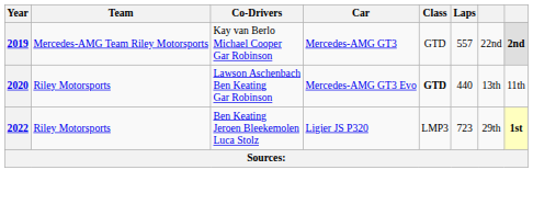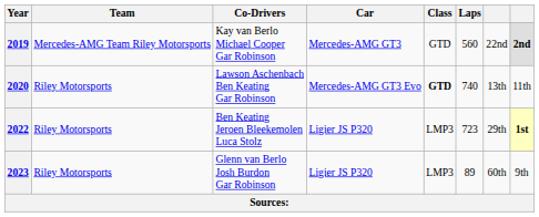 <table class="wikitable" style="text-align:center; font-size:90%">
 <tr>
 <th>Year</th>
 <th>Team</th>
 <th>Co-Drivers</th>
 <th>Car</th>
 <th>Class</th>
 <th>Laps</th>
 <th></th>
 <th></th>
 </tr>
 <tr>
 <th><a href='#'>2019</a></th>
 <td align="left"> <a href='#'>Mercedes-AMG Team Riley Motorsports</a></td>
 <td align="left"> Kay van Berlo<br> <a href='#'>Michael Cooper</a><br> <a href='#'>Gar Robinson</a></td>
 <td align="left"><a href='#'>Mercedes-AMG GT3</a></td>
 <td>GTD</td>
-<td>557</td>
+<td>560</td>
 <td>22nd</td>
 <td align="center" style="background:#DFDFDF;"><strong>2nd</strong></td>
 </tr>
 <tr>
 <th><a href='#'>2020</a></th>
 <td align="left"> <a href='#'>Riley Motorsports</a></td>
 <td align="left"> <a href='#'>Lawson Aschenbach</a><br> <a href='#'>Ben Keating</a><br> <a href='#'>Gar Robinson</a></td>
 <td align="left"><a href='#'>Mercedes-AMG GT3 Evo</a></td>
 <td><strong>GTD</strong></td>
-<td>440</td>
+<td>740</td>
 <td>13th</td>
 <td>11th</td>
 </tr>
 <tr>
 <th><a href='#'>2022</a></th>
 <td align="left"> <a href='#'>Riley Motorsports</a></td>
 <td align="left"> <a href='#'>Ben Keating</a><br> <a href='#'>Jeroen Bleekemolen</a><br> <a href='#'>Luca Stolz</a></td>
 <td align="left"><a href='#'>Ligier JS P320</a></td>
 <td>LMP3</td>
 <td>723</td>
 <td>29th</td>
 <td style="background:#FFFFBF;”"><strong>1st</strong></td>
 </tr>
 <tr>
+<th><a href='#'>2023</a></th>
+<td align="left"> <a href='#'>Riley Motorsports</a></td>
+<td align="left"> <a href='#'>Glenn van Berlo</a><br> <a href='#'>Josh Burdon</a><br> <a href='#'>Gar Robinson</a></td>
+<td align="left"><a href='#'>Ligier JS P320</a></td>
+<td>LMP3</td>
+<td>89</td>
+<td>60th</td>
+<td>9th</td>
+</tr>
+<tr>
 <th colspan="8">Sources:</th>
 </tr>
 </table>
